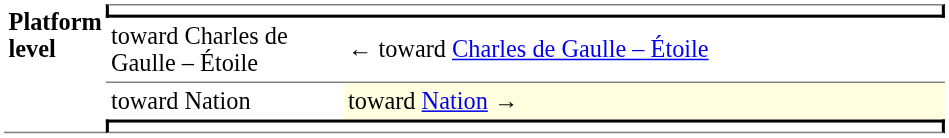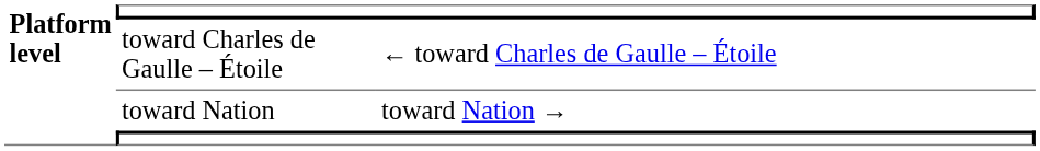 <table border=0 cellspacing=0 cellpadding=3>
 <tr>
 <td style="border-bottom:solid 1px gray;" width=50 rowspan=10 valign=top><strong>Platform level</strong></td>
 <td style="border-top:solid 1px gray;border-right:solid 2px black;border-left:solid 2px black;border-bottom:solid 2px black;text-align:center;" colspan=2></td>
 </tr>
 <tr>
 <td style="border-bottom:solid 1px gray;" width=150>toward Charles de Gaulle – Étoile</td>
 <td style="border-bottom:solid 1px gray;" width=390>←   toward <a href='#'>Charles de Gaulle – Étoile</a> </td>
 </tr>
 <tr>
 <td>toward Nation</td>
-<td style="background: lightyellow;">   toward <a href='#'>Nation</a>  →</td>
+<td>   toward <a href='#'>Nation</a>  →</td>
 </tr>
 <tr>
 <td style="border-top:solid 2px black;border-right:solid 2px black;border-left:solid 2px black;border-bottom:solid 1px gray;text-align:center;" colspan=2></td>
 </tr>
 </table>
